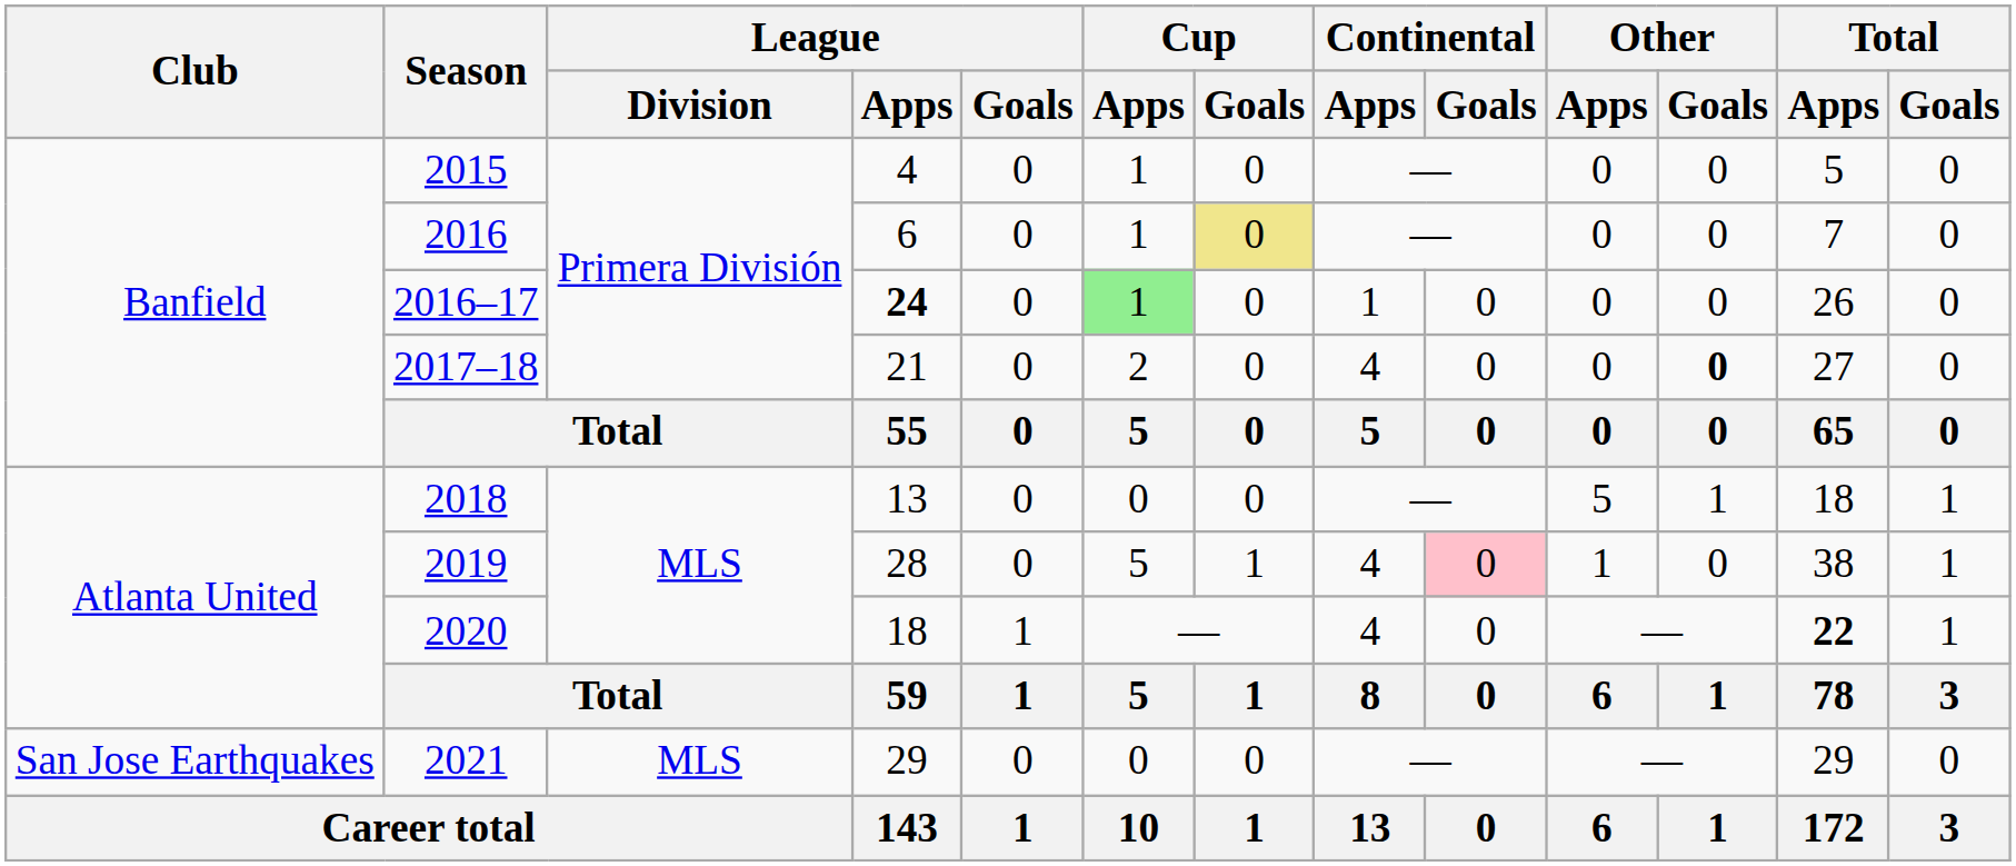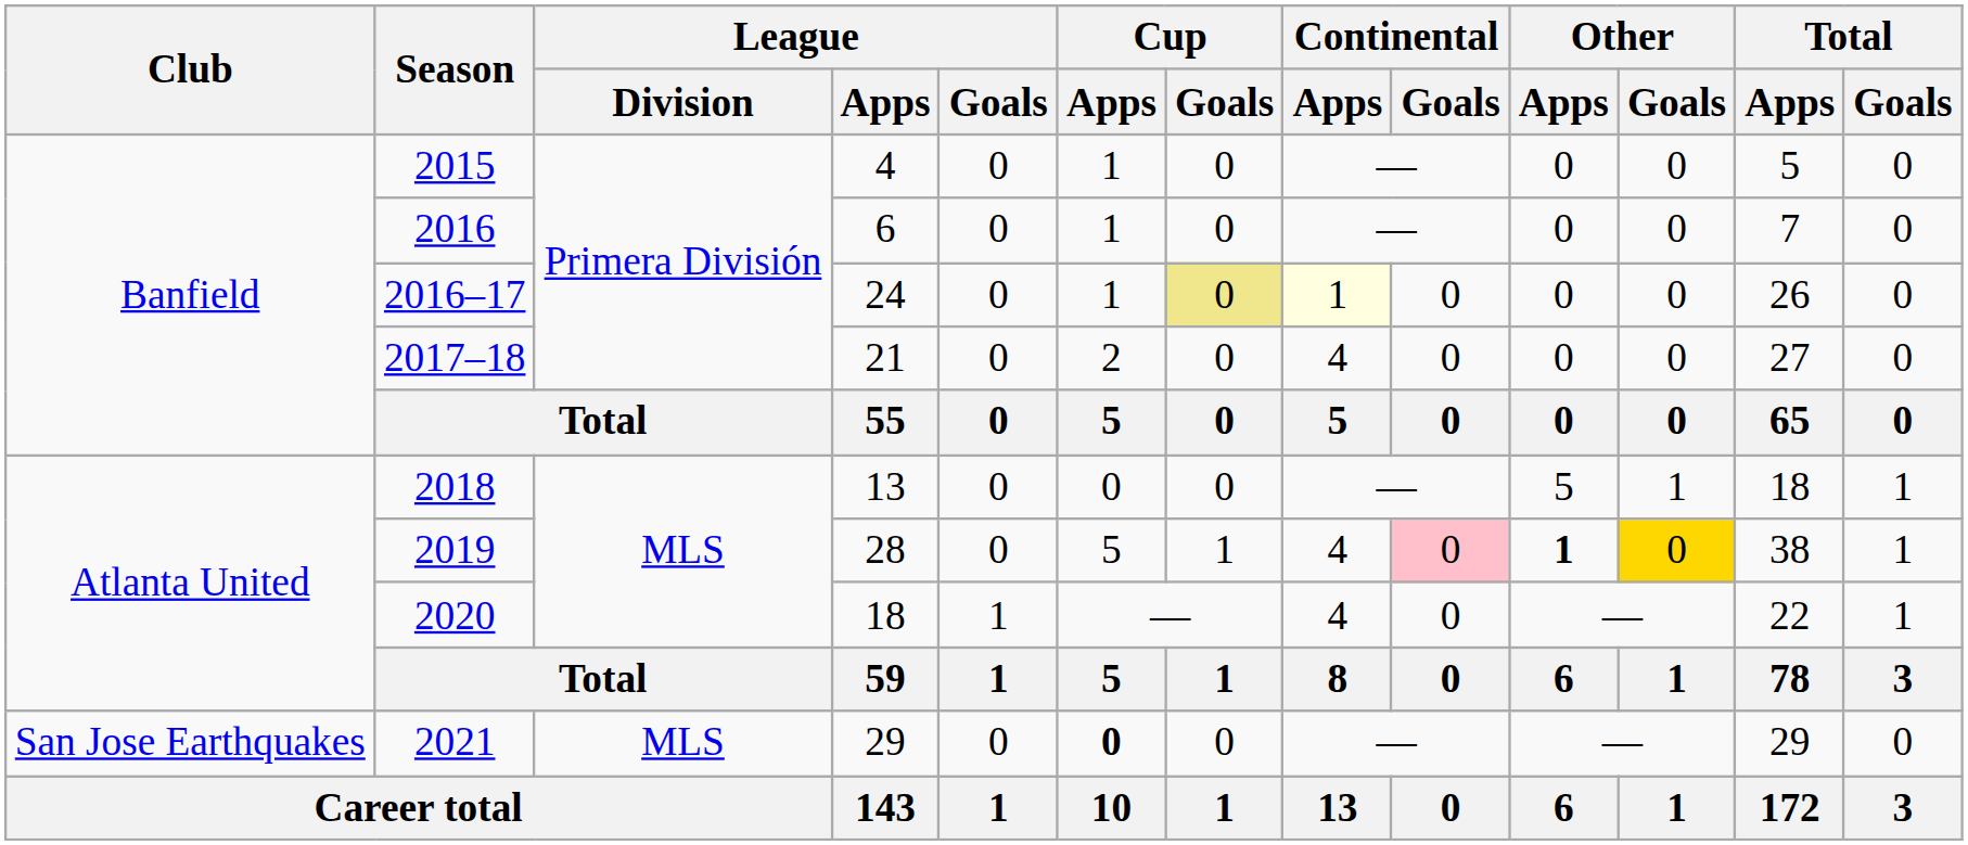 <table class="wikitable" style="text-align:center">
 <tr>
 <th rowspan="2">Club</th>
 <th rowspan="2">Season</th>
 <th colspan="3">League</th>
 <th colspan="2">Cup</th>
 <th colspan="2">Continental</th>
 <th colspan="2">Other</th>
 <th colspan="2">Total</th>
 </tr>
 <tr>
 <th>Division</th>
 <th>Apps</th>
 <th>Goals</th>
 <th>Apps</th>
 <th>Goals</th>
 <th>Apps</th>
 <th>Goals</th>
 <th>Apps</th>
 <th>Goals</th>
 <th>Apps</th>
 <th>Goals</th>
 </tr>
 <tr>
 <td rowspan="5"><a href='#'>Banfield</a></td>
 <td><a href='#'>2015</a></td>
 <td rowspan="4"><a href='#'>Primera División</a></td>
 <td>4</td>
 <td>0</td>
 <td>1</td>
 <td>0</td>
 <td colspan="2">—</td>
 <td>0</td>
 <td>0</td>
 <td>5</td>
 <td>0</td>
 </tr>
 <tr>
 <td><a href='#'>2016</a></td>
 <td>6</td>
 <td>0</td>
 <td>1</td>
-<td style="background: khaki;">0</td>
+<td>0</td>
 <td colspan="2">—</td>
 <td>0</td>
 <td>0</td>
 <td>7</td>
 <td>0</td>
 </tr>
 <tr>
 <td><a href='#'>2016–17</a></td>
-<td><strong>24</strong></td>
-<td>0</td>
-<td style="background: lightgreen;">1</td>
+<td>24</td>
 <td>0</td>
 <td>1</td>
+<td style="background: khaki;">0</td>
+<td style="background: lightyellow;">1</td>
 <td>0</td>
 <td>0</td>
 <td>0</td>
 <td>26</td>
 <td>0</td>
 </tr>
 <tr>
 <td><a href='#'>2017–18</a></td>
 <td>21</td>
 <td>0</td>
 <td>2</td>
 <td>0</td>
 <td>4</td>
 <td>0</td>
 <td>0</td>
-<td><strong>0</strong></td>
+<td>0</td>
 <td>27</td>
 <td>0</td>
 </tr>
 <tr>
 <th colspan="2">Total</th>
 <th>55</th>
 <th>0</th>
 <th>5</th>
 <th>0</th>
 <th>5</th>
 <th>0</th>
 <th>0</th>
 <th>0</th>
 <th>65</th>
 <th>0</th>
 </tr>
 <tr>
 <td rowspan="4"><a href='#'>Atlanta United</a></td>
 <td><a href='#'>2018</a></td>
 <td rowspan="3"><a href='#'>MLS</a></td>
 <td>13</td>
 <td>0</td>
 <td>0</td>
 <td>0</td>
 <td colspan="2">—</td>
 <td>5</td>
 <td>1</td>
 <td>18</td>
 <td>1</td>
 </tr>
 <tr>
 <td><a href='#'>2019</a></td>
 <td>28</td>
 <td>0</td>
 <td>5</td>
 <td>1</td>
 <td>4</td>
 <td style="background: pink;">0</td>
-<td>1</td>
-<td>0</td>
+<td><strong>1</strong></td>
+<td style="background: gold;">0</td>
 <td>38</td>
 <td>1</td>
 </tr>
 <tr>
 <td><a href='#'>2020</a></td>
 <td>18</td>
 <td>1</td>
 <td colspan="2">—</td>
 <td>4</td>
 <td>0</td>
 <td colspan="2">—</td>
-<td><strong>22</strong></td>
+<td>22</td>
 <td>1</td>
 </tr>
 <tr>
 <th colspan="2">Total</th>
 <th>59</th>
 <th>1</th>
 <th>5</th>
 <th>1</th>
 <th>8</th>
 <th>0</th>
 <th>6</th>
 <th>1</th>
 <th>78</th>
 <th>3</th>
 </tr>
 <tr>
 <td rowspan="1"><a href='#'>San Jose Earthquakes</a></td>
 <td><a href='#'>2021</a></td>
 <td rowspan="1"><a href='#'>MLS</a></td>
 <td>29</td>
 <td>0</td>
-<td>0</td>
+<td><strong>0</strong></td>
 <td>0</td>
 <td colspan="2">—</td>
 <td colspan="2">—</td>
 <td>29</td>
 <td>0</td>
 </tr>
 <tr>
 <th colspan="3">Career total</th>
 <th>143</th>
 <th>1</th>
 <th>10</th>
 <th>1</th>
 <th>13</th>
 <th>0</th>
 <th>6</th>
 <th>1</th>
 <th>172</th>
 <th>3</th>
 </tr>
 </table>
